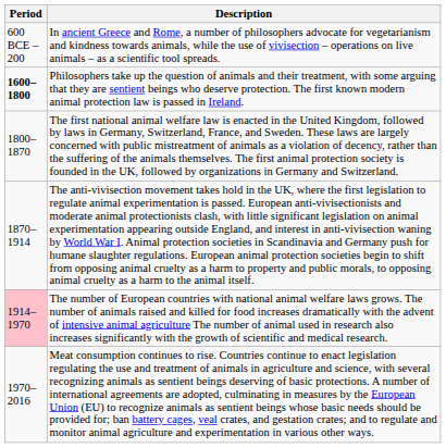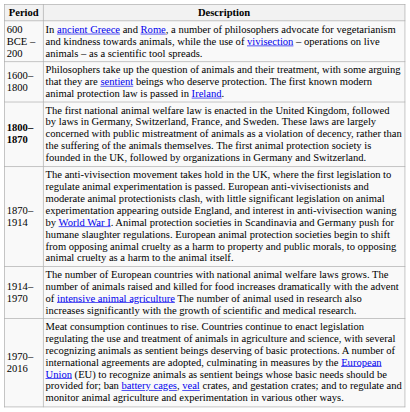 <table class="sortable wikitable">
 <tr>
 <th>Period</th>
 <th>Description</th>
 </tr>
 <tr>
 <td>600 BCE – 200</td>
 <td>In <a href='#'>ancient Greece</a> and <a href='#'>Rome</a>, a number of philosophers advocate for vegetarianism and kindness towards animals, while the use of <a href='#'>vivisection</a> – operations on live animals – as a scientific tool spreads.</td>
 </tr>
 <tr>
-<td><strong>1600–1800</strong></td>
+<td>1600–1800</td>
 <td>Philosophers take up the question of animals and their treatment, with some arguing that they are <a href='#'>sentient</a> beings who deserve protection. The first known modern animal protection law is passed in <a href='#'>Ireland</a>.</td>
 </tr>
 <tr>
-<td>1800–1870</td>
+<td><strong>1800–1870</strong></td>
 <td>The first national animal welfare law is enacted in the United Kingdom, followed by laws in Germany, Switzerland, France, and Sweden.  These laws are largely concerned with public mistreatment of animals as a violation of decency, rather than the suffering of the animals themselves.  The first animal protection society is founded in the UK, followed by organizations in Germany and Switzerland.</td>
 </tr>
 <tr>
 <td>1870–1914</td>
 <td>The anti-vivisection movement takes hold in the UK, where the first legislation to regulate animal experimentation is passed.  European anti-vivisectionists and moderate animal protectionists clash, with little significant legislation on animal experimentation appearing outside England, and interest in anti-vivisection waning by <a href='#'>World War I</a>.  Animal protection societies in Scandinavia and Germany push for humane slaughter regulations.  European animal protection societies begin to shift  from opposing animal cruelty as a harm to property and public morals, to opposing animal cruelty as a harm to the animal itself.</td>
 </tr>
 <tr>
-<td style="background: pink;">1914–1970</td>
+<td>1914–1970</td>
 <td>The number of European countries with national animal welfare laws grows.  The number of animals raised and killed for food increases dramatically with the advent of <a href='#'>intensive animal agriculture</a>  The number of animal used in research also increases significantly with the growth of scientific and medical research.</td>
 </tr>
 <tr>
 <td>1970–2016</td>
 <td>Meat consumption continues to rise.  Countries continue to enact legislation regulating the use and treatment of animals in agriculture and science, with several recognizing animals as sentient beings deserving of basic protections.  A number of international agreements are adopted, culminating in measures by the <a href='#'>European Union</a> (EU) to recognize animals as sentient beings whose basic needs should be provided for; ban <a href='#'>battery cages</a>, <a href='#'>veal</a> crates, and gestation crates; and to regulate and monitor animal agriculture and experimentation in various other ways.</td>
 </tr>
 </table>
